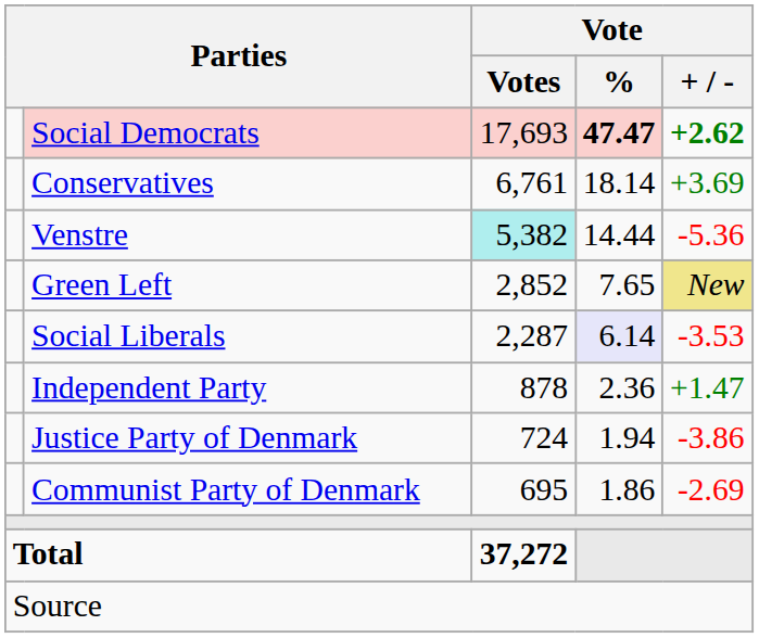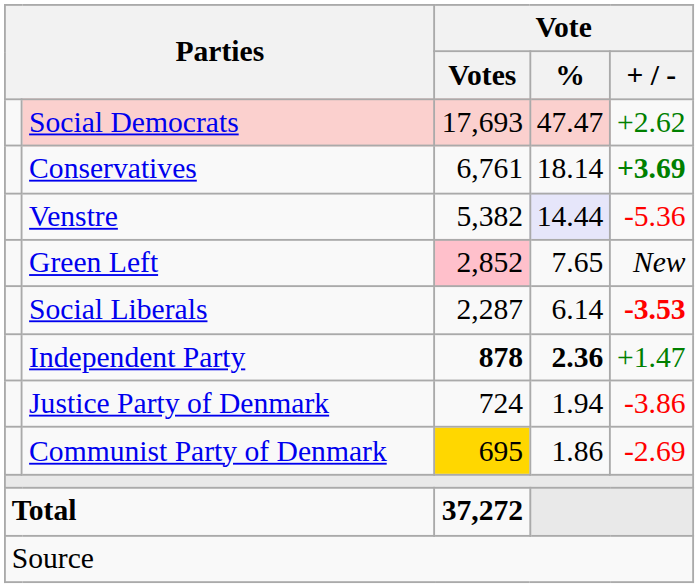 <table class="wikitable" style="text-align:right;">
 <tr>
 <th style="text-align:centre;" rowspan="2" colspan="2" width="225">Parties</th>
 <th colspan="3">Vote</th>
 </tr>
 <tr>
 <th width="15">Votes</th>
 <th width="15">%</th>
 <th width="15">+ / -</th>
 </tr>
 <tr>
 <td width="2" style="color:inherit;background:"></td>
 <td bgcolor=#fbd0ce  align="left"><a href='#'>Social Democrats</a></td>
 <td bgcolor=#fbd0ce>17,693</td>
-<td bgcolor=#fbd0ce><strong>47.47</strong></td>
-<td style=color:green;><strong>+2.62</strong></td>
+<td bgcolor=#fbd0ce>47.47</td>
+<td style=color:green;>+2.62</td>
 </tr>
 <tr>
 <td width="2" style="color:inherit;background:"></td>
 <td align="left"><a href='#'>Conservatives</a></td>
 <td>6,761</td>
 <td>18.14</td>
-<td style=color:green;>+3.69</td>
+<td style=color:green;><strong>+3.69</strong></td>
 </tr>
 <tr>
 <td width="2" style="color:inherit;background:"></td>
 <td align="left"><a href='#'>Venstre</a></td>
-<td style="background: paleturquoise;">5,382</td>
-<td>14.44</td>
+<td>5,382</td>
+<td style="background: lavender;">14.44</td>
 <td style=color:red;>-5.36</td>
 </tr>
 <tr>
 <td width="2" style="color:inherit;background:"></td>
 <td align="left"><a href='#'>Green Left</a></td>
-<td>2,852</td>
+<td style="background: pink;">2,852</td>
 <td>7.65</td>
-<td style="background: khaki;"><em>New</em></td>
+<td><em>New</em></td>
 </tr>
 <tr>
 <td width="2" style="color:inherit;background:"></td>
 <td align="left"><a href='#'>Social Liberals</a></td>
 <td>2,287</td>
-<td style="background: lavender;">6.14</td>
-<td style=color:red;>-3.53</td>
+<td>6.14</td>
+<td style=color:red;><strong>-3.53</strong></td>
 </tr>
 <tr>
 <td width="2" style="color:inherit;background:"></td>
 <td align="left"><a href='#'>Independent Party</a></td>
-<td>878</td>
-<td>2.36</td>
+<td><strong>878</strong></td>
+<td><strong>2.36</strong></td>
 <td style=color:green;>+1.47</td>
 </tr>
 <tr>
 <td width="2" style="color:inherit;background:"></td>
 <td align="left"><a href='#'>Justice Party of Denmark</a></td>
 <td>724</td>
 <td>1.94</td>
 <td style=color:red;>-3.86</td>
 </tr>
 <tr>
 <td width="2" style="color:inherit;background:"></td>
 <td align="left"><a href='#'>Communist Party of Denmark</a></td>
-<td>695</td>
+<td style="background: gold;">695</td>
 <td>1.86</td>
 <td style=color:red;>-2.69</td>
 </tr>
 <tr>
 <td colspan="7" bgcolor="#E9E9E9"></td>
 </tr>
 <tr>
 <td align="left" colspan="2"><strong>Total</strong></td>
 <td><strong>37,272</strong></td>
 <td bgcolor="#E9E9E9" colspan="2"></td>
 </tr>
 <tr>
 <td align="left" colspan="6">Source</td>
 </tr>
 </table>
